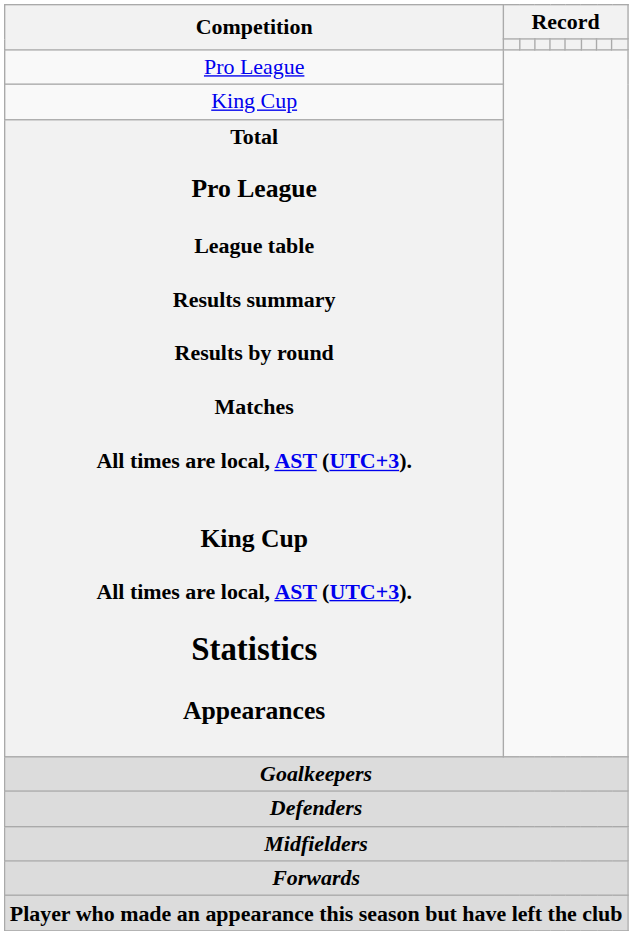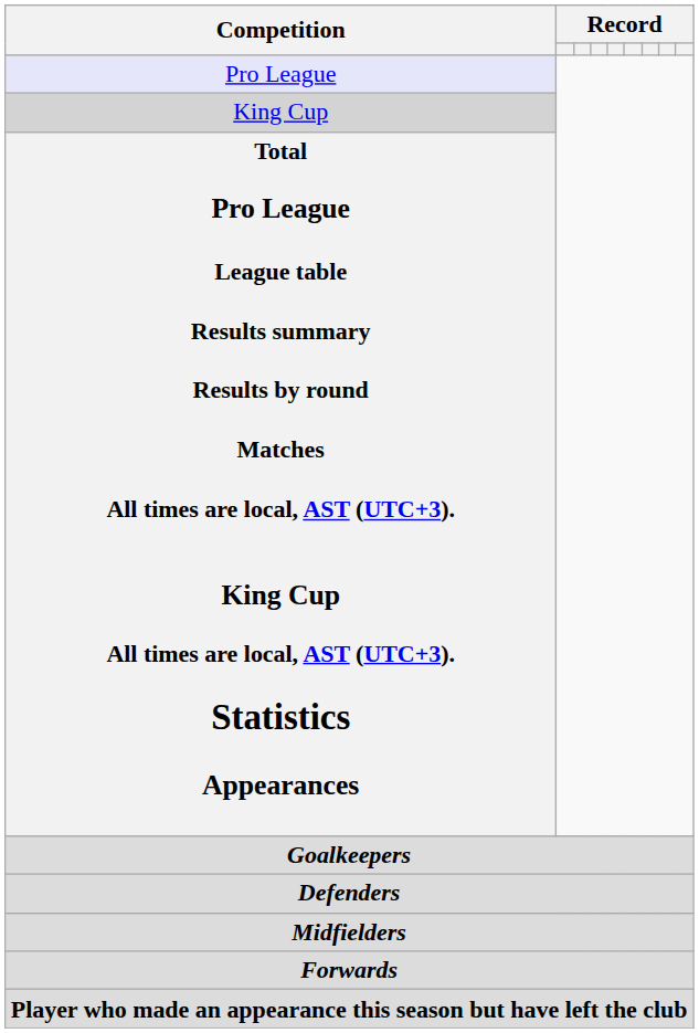 <table class="wikitable" style="text-align: center">
 <tr>
 <th rowspan=2>Competition</th>
 <th colspan=8>Record</th>
 </tr>
 <tr>
 <th></th>
 <th></th>
 <th></th>
 <th></th>
 <th></th>
 <th></th>
 <th></th>
 <th></th>
 </tr>
 <tr>
-<td><a href='#'>Pro League</a><br></td>
+<td style="background: lavender;"><a href='#'>Pro League</a><br></td>
 </tr>
 <tr>
-<td><a href='#'>King Cup</a><br></td>
+<td style="background: lightgrey;"><a href='#'>King Cup</a><br></td>
 </tr>
 <tr>
 <th>Total<br> <h3>Pro League</h3><h4>League table</h4><h4>Results summary</h4> <h4>Results by round</h4><h4>Matches</h4>All times are local, <a href='#'>AST</a> (<a href='#'>UTC+3</a>).<br>   <br>                             <h3>King Cup</h3> All times are local, <a href='#'>AST</a> (<a href='#'>UTC+3</a>).<br><h2>Statistics</h2><h3>Appearances</h3></th>
 </tr>
 <tr>
 <th colspan=10 style=background:#dcdcdc; text-align:center><em>Goalkeepers</em><br> </th>
 </tr>
 <tr>
 <th colspan=10 style=background:#dcdcdc; text-align:center><em>Defenders</em><br>       </th>
 </tr>
 <tr>
 <th colspan=10 style=background:#dcdcdc; text-align:center><em>Midfielders</em><br>               </th>
 </tr>
 <tr>
 <th colspan=10 style=background:#dcdcdc; text-align:center><em>Forwards</em><br> </th>
 </tr>
 <tr>
 <th colspan=18 style=background:#dcdcdc; text-align:center>Player who made an appearance this season but have left the club<br>     </th>
 </tr>
 </table>
